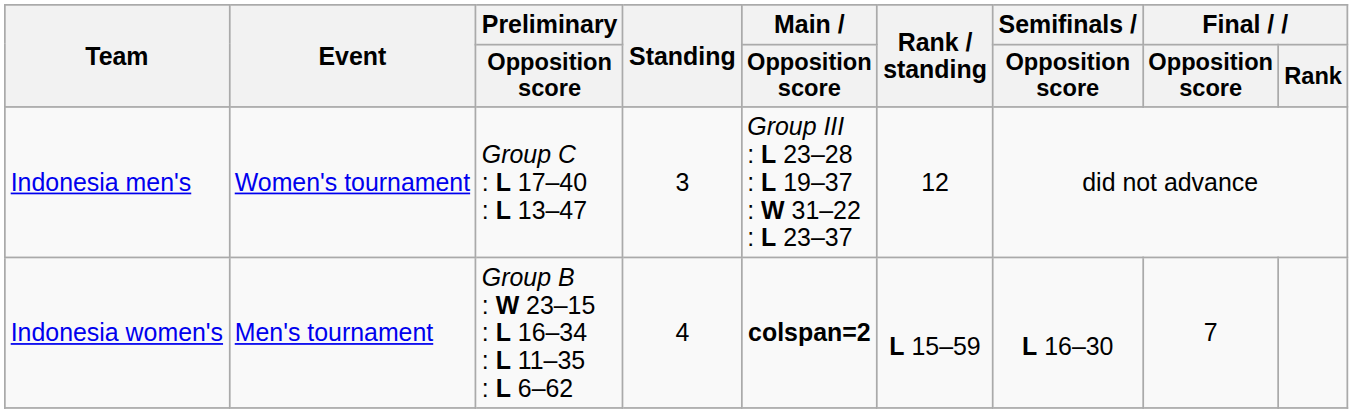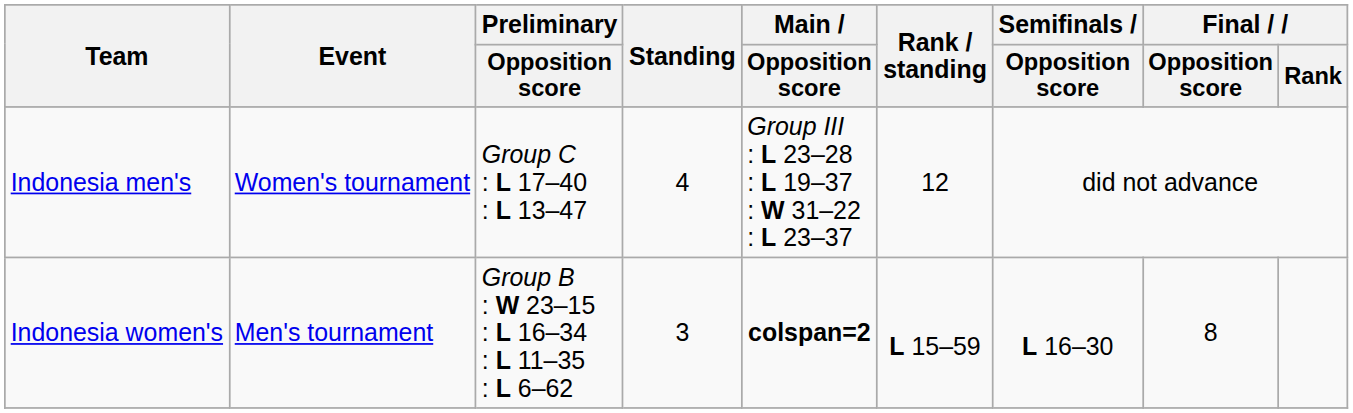 <table class=wikitable style=font-size:90%;text-align:center>
 <tr>
 <th rowspan=2>Team</th>
 <th rowspan=2>Event</th>
 <th>Preliminary</th>
 <th rowspan=2>Standing</th>
 <th>Main / </th>
 <th rowspan=2>Rank /<br> standing</th>
 <th>Semifinals / </th>
 <th colspan=2>Final /  / </th>
 </tr>
 <tr style="font-size:95%">
 <th>Opposition<br> score</th>
 <th>Opposition<br> score</th>
 <th>Opposition<br> score</th>
 <th>Opposition<br> score</th>
 <th>Rank</th>
 </tr>
 <tr>
 <td align=left><a href='#'>Indonesia men's</a></td>
 <td align=left><a href='#'>Women's tournament</a></td>
 <td align=left><em>Group C</em><br>: <strong>L</strong> 17–40<br>:  <strong>L</strong> 13–47</td>
-<td>3</td>
+<td>4</td>
 <td align=left><em>Group III</em><br>: <strong>L</strong> 23–28<br>: <strong>L</strong> 19–37<br>: <strong>W</strong> 31–22<br>: <strong>L</strong> 23–37</td>
 <td>12</td>
 <td colspan=3>did not advance</td>
 </tr>
 <tr>
 <td align=left><a href='#'>Indonesia women's</a></td>
 <td align=left><a href='#'>Men's tournament</a></td>
 <td align=left><em>Group B</em><br>: <strong>W</strong> 23–15<br>: <strong>L</strong> 16–34<br>: <strong>L</strong> 11–35<br>: <strong>L</strong> 6–62</td>
-<td>4</td>
+<td>3</td>
 <td><strong>colspan=2 </strong></td>
 <td><br><strong>L</strong> 15–59</td>
 <td><br><strong>L</strong> 16–30</td>
-<td>7</td>
+<td>8</td>
 </tr>
 </table>
